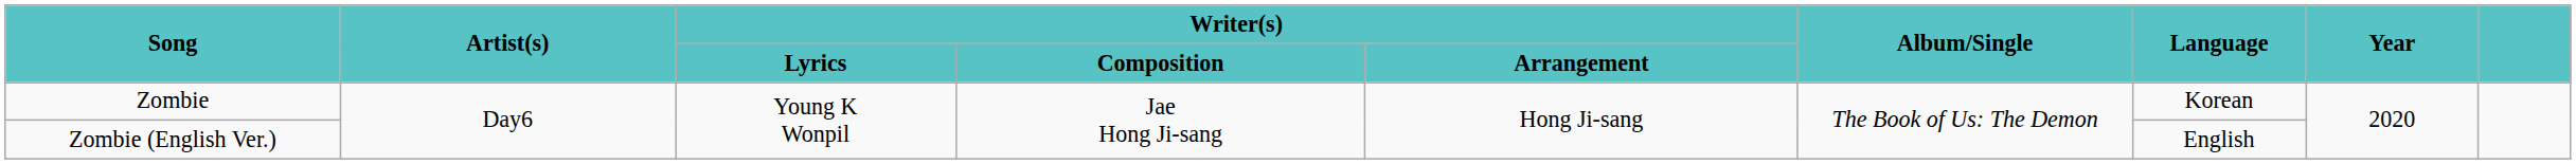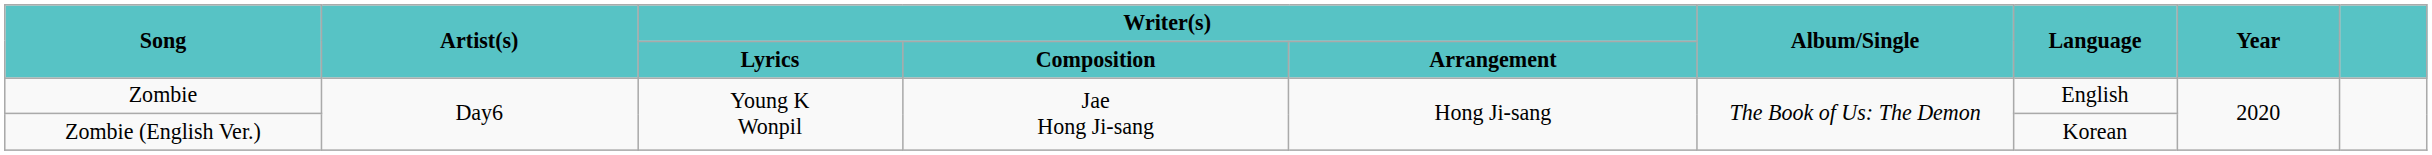 <table class="wikitable" style="margin:0.5em auto; clear:both; font-size:.9em; text-align:center; width:100%">
 <tr>
 <th rowspan=2 style="width:200px; background:#57c3c5;">Song</th>
 <th rowspan=2 style="width:200px; background:#57c3c5;">Artist(s)</th>
 <th colspan=3 style="width:700px; background:#57c3c5;">Writer(s)</th>
 <th rowspan=2 style="width:200px; background:#57c3c5;">Album/Single</th>
 <th rowspan=2 style="width:100px; background:#57c3c5;">Language</th>
 <th rowspan=2 style="width:100px; background:#57c3c5;">Year</th>
 <th rowspan=2 style="width:50px;  background:#57c3c5;"></th>
 </tr>
 <tr>
 <th style="background:#57c3c5">Lyrics</th>
 <th style="background:#57c3c5">Composition</th>
 <th style="background:#57c3c5">Arrangement</th>
 </tr>
 <tr>
 <td>Zombie</td>
 <td rowspan=2>Day6</td>
 <td rowspan=2>Young K<br>Wonpil</td>
 <td rowspan=2>Jae<br>Hong Ji-sang</td>
 <td rowspan=2>Hong Ji-sang</td>
 <td rowspan=2><em>The Book of Us: The Demon</em></td>
-<td>Korean</td>
+<td>English</td>
 <td rowspan=2>2020</td>
 <td rowspan=2></td>
 </tr>
 <tr>
 <td>Zombie (English Ver.)</td>
-<td>English</td>
+<td>Korean</td>
 </tr>
 </table>
